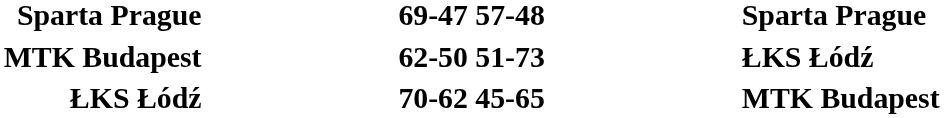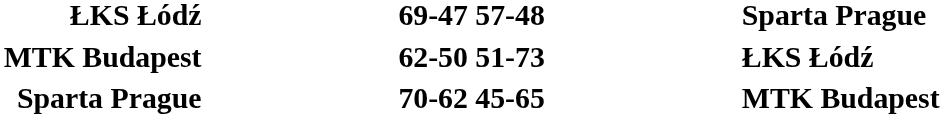 <table width=60% cellspacing=1>
 <tr>
 <th></th>
 <th></th>
 <th></th>
 </tr>
 <tr style=font-size:90%>
-<td align=right><strong>Sparta Prague</strong></td>
+<td align=right><strong>ŁKS Łódź</strong></td>
 <td align=center><strong>69-47 57-48</strong></td>
 <td><strong>Sparta Prague</strong></td>
 </tr>
 <tr style=font-size:90%>
 <td align=right><strong>MTK Budapest</strong></td>
 <td align=center><strong>62-50 51-73</strong></td>
 <td><strong>ŁKS Łódź</strong></td>
 </tr>
 <tr style=font-size:90%>
-<td align=right><strong>ŁKS Łódź</strong></td>
+<td align=right><strong>Sparta Prague</strong></td>
 <td align=center><strong>70-62 45-65</strong></td>
 <td><strong>MTK Budapest</strong></td>
 </tr>
 </table>
